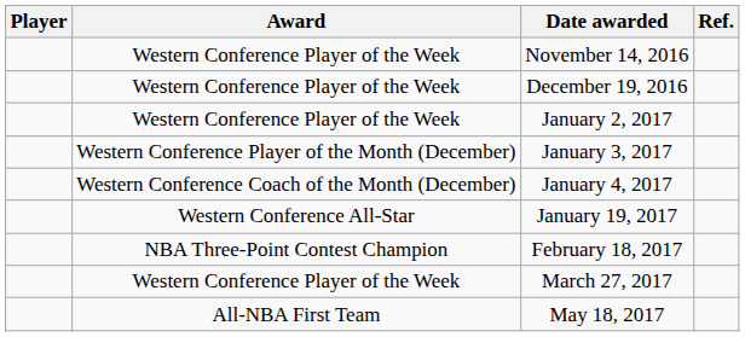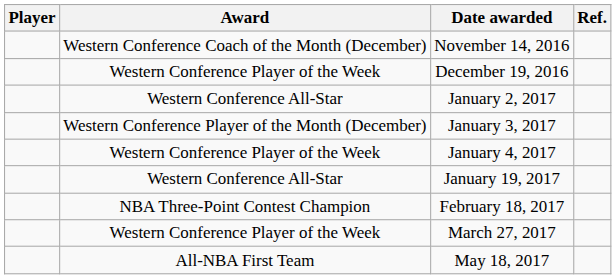 <table class="wikitable sortable sortable" style="text-align: center">
 <tr>
 <th>Player</th>
 <th>Award</th>
 <th>Date awarded</th>
 <th>Ref.</th>
 </tr>
 <tr>
 <td></td>
-<td>Western Conference Player of the Week</td>
+<td>Western Conference Coach of the Month (December)</td>
 <td>November 14, 2016</td>
 <td align=center></td>
 </tr>
 <tr>
 <td></td>
 <td>Western Conference Player of the Week</td>
 <td>December 19, 2016</td>
 <td align=center></td>
 </tr>
 <tr>
 <td></td>
-<td>Western Conference Player of the Week</td>
+<td>Western Conference All-Star</td>
 <td>January 2, 2017</td>
 <td align=center></td>
 </tr>
 <tr>
 <td></td>
 <td>Western Conference Player of the Month (December)</td>
 <td>January 3, 2017</td>
 <td align=center></td>
 </tr>
 <tr>
 <td></td>
-<td>Western Conference Coach of the Month (December)</td>
+<td>Western Conference Player of the Week</td>
 <td>January 4, 2017</td>
 <td align=center></td>
 </tr>
 <tr>
 <td></td>
 <td>Western Conference All-Star</td>
 <td>January 19, 2017</td>
 <td align=center></td>
 </tr>
 <tr>
 <td></td>
 <td>NBA Three-Point Contest Champion</td>
 <td>February 18, 2017</td>
 <td align=center></td>
 </tr>
 <tr>
 <td></td>
 <td>Western Conference Player of the Week</td>
 <td>March 27, 2017</td>
 <td align=center></td>
 </tr>
 <tr>
 <td></td>
 <td>All-NBA First Team</td>
 <td>May 18, 2017</td>
 <td align=center></td>
 </tr>
 </table>
